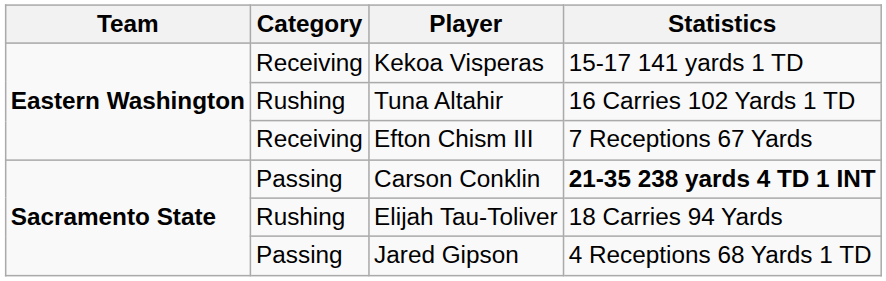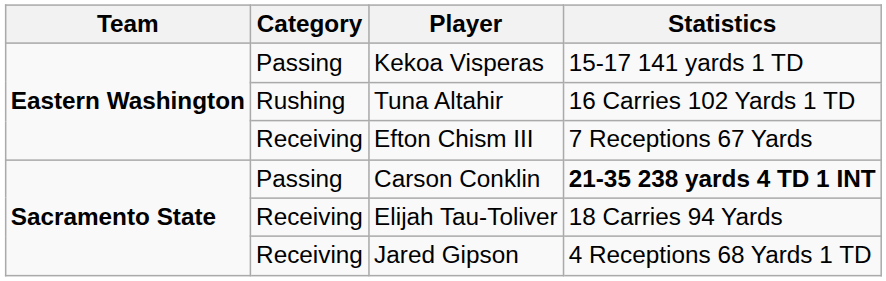 <table class="wikitable" style="float: right;">
 <tr>
 <th>Team</th>
 <th>Category</th>
 <th>Player</th>
 <th>Statistics</th>
 </tr>
 <tr>
 <td rowspan=3><strong>Eastern Washington</strong></td>
-<td>Receiving</td>
+<td>Passing</td>
 <td>Kekoa Visperas</td>
 <td>15-17 141 yards 1 TD</td>
 </tr>
 <tr>
 <td>Rushing</td>
 <td>Tuna Altahir</td>
 <td>16 Carries 102 Yards 1 TD</td>
 </tr>
 <tr>
 <td>Receiving</td>
 <td>Efton Chism III</td>
 <td>7 Receptions 67 Yards</td>
 </tr>
 <tr>
 <td rowspan=3><strong>Sacramento State</strong></td>
 <td>Passing</td>
 <td>Carson Conklin</td>
 <td><strong>21-35 238 yards 4 TD 1 INT</strong></td>
 </tr>
 <tr>
-<td>Rushing</td>
+<td>Receiving</td>
 <td>Elijah Tau-Toliver</td>
 <td>18 Carries 94 Yards</td>
 </tr>
 <tr>
-<td>Passing</td>
+<td>Receiving</td>
 <td>Jared Gipson</td>
 <td>4 Receptions 68 Yards 1 TD</td>
 </tr>
 </table>
